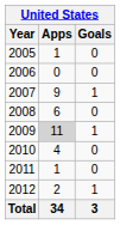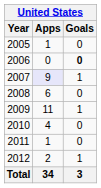 <table class="wikitable" style="text-align:center">
 <tr>
 <th colspan="3"><a href='#'>United States</a></th>
 </tr>
 <tr>
 <th>Year</th>
 <th>Apps</th>
 <th>Goals</th>
 </tr>
 <tr>
 <td>2005</td>
 <td>1</td>
 <td>0</td>
 </tr>
 <tr>
 <td>2006</td>
 <td>0</td>
-<td>0</td>
+<td><strong>0</strong></td>
 </tr>
 <tr>
 <td>2007</td>
-<td>9</td>
+<td style="background: lavender;">9</td>
 <td>1</td>
 </tr>
 <tr>
 <td>2008</td>
 <td>6</td>
 <td>0</td>
 </tr>
 <tr>
 <td>2009</td>
-<td style="background: lightgrey;">11</td>
+<td>11</td>
 <td>1</td>
 </tr>
 <tr>
 <td>2010</td>
 <td>4</td>
 <td>0</td>
 </tr>
 <tr>
 <td>2011</td>
 <td>1</td>
 <td>0</td>
 </tr>
 <tr>
 <td>2012</td>
 <td>2</td>
 <td>1</td>
 </tr>
 <tr>
 <th>Total</th>
 <th>34</th>
 <th>3</th>
 </tr>
 </table>
